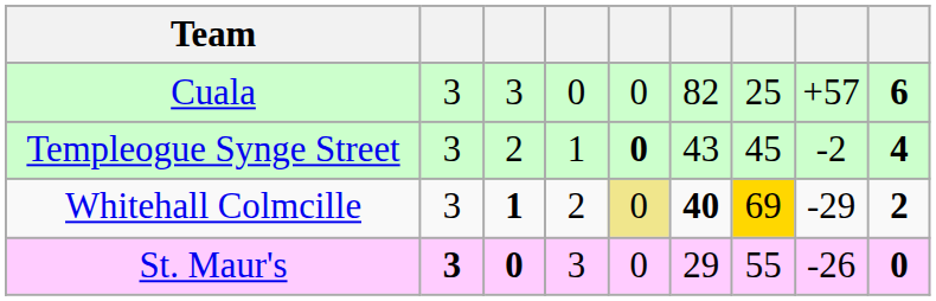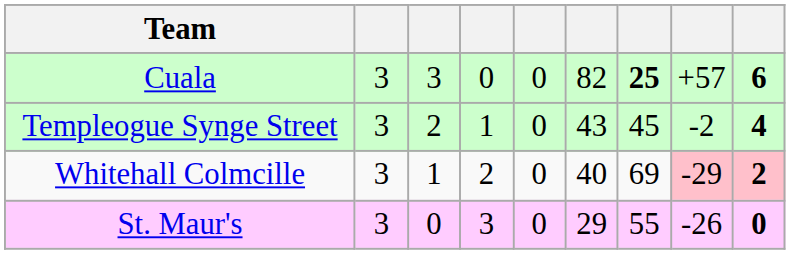 <table class="wikitable" style="text-align:center">
 <tr>
 <th style="width:175px;">Team</th>
 <th width="20"></th>
 <th width="20"></th>
 <th width="20"></th>
 <th width="20"></th>
 <th width="20"></th>
 <th width="20"></th>
 <th width="20"></th>
 <th width="20"></th>
 </tr>
 <tr style="background:#cfc;">
 <td><a href='#'>Cuala</a></td>
 <td>3</td>
 <td>3</td>
 <td>0</td>
 <td>0</td>
 <td>82</td>
-<td>25</td>
+<td><strong>25</strong></td>
 <td>+57</td>
 <td><strong>6</strong></td>
 </tr>
 <tr style="background:#cfc;">
 <td><a href='#'>Templeogue Synge Street</a></td>
 <td>3</td>
 <td>2</td>
 <td>1</td>
-<td><strong>0</strong></td>
+<td>0</td>
 <td>43</td>
 <td>45</td>
 <td>-2</td>
 <td><strong>4</strong></td>
 </tr>
 <tr>
 <td><a href='#'>Whitehall Colmcille</a></td>
 <td>3</td>
-<td><strong>1</strong></td>
+<td>1</td>
 <td>2</td>
-<td style="background: khaki;">0</td>
-<td><strong>40</strong></td>
-<td style="background: gold;">69</td>
-<td>-29</td>
-<td><strong>2</strong></td>
+<td>0</td>
+<td>40</td>
+<td>69</td>
+<td style="background: pink;">-29</td>
+<td style="background: pink;"><strong>2</strong></td>
 </tr>
 <tr style="background:#fcf;">
 <td><a href='#'>St. Maur's</a></td>
-<td><strong>3</strong></td>
-<td><strong>0</strong></td>
+<td>3</td>
+<td>0</td>
 <td>3</td>
 <td>0</td>
 <td>29</td>
 <td>55</td>
 <td>-26</td>
 <td><strong>0</strong></td>
 </tr>
 </table>
